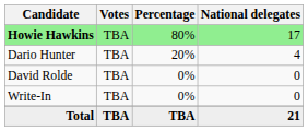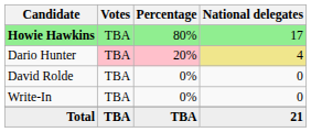 <table class="wikitable" style="text-align:right;">
 <tr>
 <th>Candidate</th>
 <th>Votes</th>
 <th>Percentage</th>
 <th>National delegates</th>
 </tr>
 <tr style="background:lightgreen;">
 <td style="text-align:left;"><strong>Howie Hawkins</strong></td>
 <td>TBA</td>
 <td>80%</td>
 <td>17</td>
 </tr>
 <tr>
 <td style="text-align:left;">Dario Hunter</td>
-<td>TBA</td>
-<td>20%</td>
-<td>4</td>
+<td style="background: pink;">TBA</td>
+<td style="background: pink;">20%</td>
+<td style="background: khaki;">4</td>
 </tr>
 <tr>
 <td style="text-align:left;">David Rolde</td>
 <td>TBA</td>
 <td>0%</td>
 <td>0</td>
 </tr>
 <tr>
 <td style="text-align:left;">Write-In</td>
 <td>TBA</td>
 <td>0%</td>
 <td>0</td>
 </tr>
 <tr>
 </tr>
 <tr style="background:#eee;">
 <td style="margin-right:0.50px"><strong>Total</strong></td>
 <td style="margin-right:0.50px"><strong>TBA</strong></td>
 <td style="margin-right:0.50px"><strong>TBA</strong></td>
 <td style="margin-right:0.50px"><strong>21</strong></td>
 </tr>
 </table>
